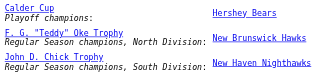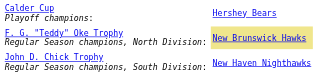 <table cellpadding="3" cellspacing="3">
 <tr>
 <td><a href='#'>Calder Cup</a><br><em>Playoff champions</em>:</td>
 <td><a href='#'>Hershey Bears</a></td>
 </tr>
 <tr>
 <td><a href='#'>F. G. "Teddy" Oke Trophy</a><br><em>Regular Season champions, North Division</em>:</td>
-<td><a href='#'>New Brunswick Hawks</a></td>
+<td style="background: khaki;"><a href='#'>New Brunswick Hawks</a></td>
 </tr>
 <tr>
 <td><a href='#'>John D. Chick Trophy</a><br><em>Regular Season champions, South Division</em>:</td>
 <td><a href='#'>New Haven Nighthawks</a></td>
 </tr>
 </table>
